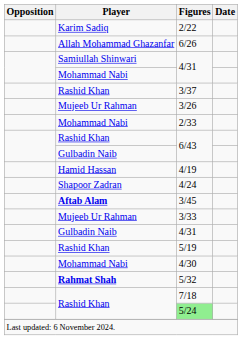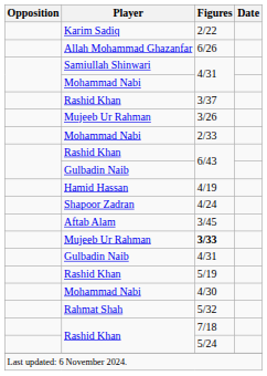 <table class="wikitable sortable">
 <tr>
 <th>Opposition</th>
 <th>Player</th>
 <th>Figures</th>
 <th>Date</th>
 </tr>
 <tr>
 <td></td>
 <td><a href='#'>Karim Sadiq</a></td>
 <td>2/22</td>
 <td></td>
 </tr>
 <tr>
 <td></td>
 <td><a href='#'>Allah Mohammad Ghazanfar</a></td>
 <td>6/26</td>
 <td></td>
 </tr>
 <tr>
 <td rowspan=2></td>
 <td><a href='#'>Samiullah Shinwari</a></td>
 <td rowspan=2>4/31</td>
 <td></td>
 </tr>
 <tr>
 <td><a href='#'>Mohammad Nabi</a></td>
 <td></td>
 </tr>
 <tr>
 <td></td>
 <td><a href='#'>Rashid Khan</a></td>
 <td>3/37</td>
 <td> </td>
 </tr>
 <tr>
 <td></td>
 <td><a href='#'>Mujeeb Ur Rahman</a></td>
 <td>3/26</td>
 <td></td>
 </tr>
 <tr>
 <td></td>
 <td><a href='#'>Mohammad Nabi</a></td>
 <td>2/33</td>
 <td> </td>
 </tr>
 <tr>
 <td rowspan=2></td>
 <td><a href='#'>Rashid Khan</a></td>
 <td rowspan=2>6/43</td>
 <td></td>
 </tr>
 <tr>
 <td><a href='#'>Gulbadin Naib</a></td>
 <td></td>
 </tr>
 <tr>
 <td></td>
 <td><a href='#'>Hamid Hassan</a></td>
 <td>4/19</td>
 <td></td>
 </tr>
 <tr>
 <td></td>
 <td><a href='#'>Shapoor Zadran</a></td>
 <td>4/24</td>
 <td></td>
 </tr>
 <tr>
 <td></td>
-<td><strong><a href='#'>Aftab Alam</a></strong></td>
+<td><a href='#'>Aftab Alam</a></td>
 <td>3/45</td>
 <td> </td>
 </tr>
 <tr>
 <td></td>
 <td><a href='#'>Mujeeb Ur Rahman</a></td>
-<td>3/33</td>
+<td><strong>3/33</strong></td>
 <td></td>
 </tr>
 <tr>
 <td></td>
 <td><a href='#'>Gulbadin Naib</a></td>
 <td>4/31</td>
 <td></td>
 </tr>
 <tr>
 <td></td>
 <td><a href='#'>Rashid Khan</a></td>
 <td>5/19</td>
 <td></td>
 </tr>
 <tr>
 <td></td>
 <td><a href='#'>Mohammad Nabi</a></td>
 <td>4/30</td>
 <td> </td>
 </tr>
 <tr>
 <td></td>
-<td><strong><a href='#'>Rahmat Shah</a></strong></td>
+<td><a href='#'>Rahmat Shah</a></td>
 <td>5/32</td>
 <td></td>
 </tr>
 <tr>
 <td></td>
 <td rowspan=2><a href='#'>Rashid Khan</a></td>
 <td>7/18</td>
 <td></td>
 </tr>
 <tr>
 <td></td>
-<td style="background: lightgreen;">5/24</td>
+<td>5/24</td>
 <td></td>
 </tr>
 <tr>
 </tr>
 <tr class=sortbottom>
 <td colspan=5><small>Last updated: 6 November 2024.</small></td>
 </tr>
 </table>
